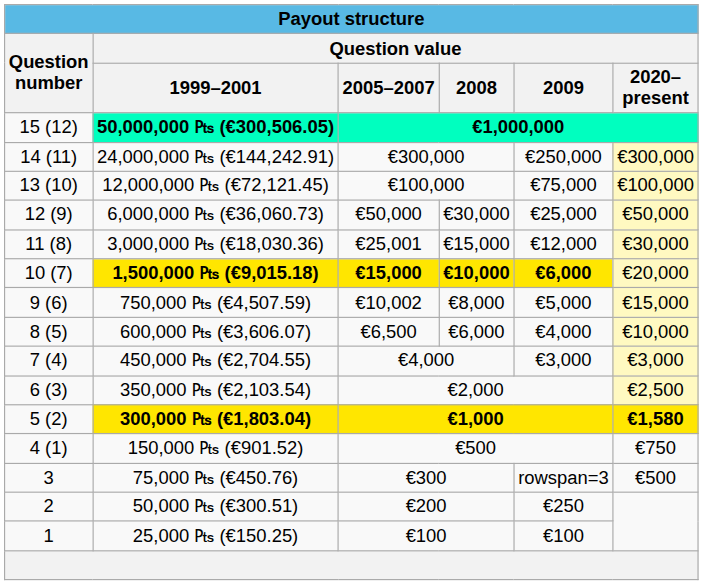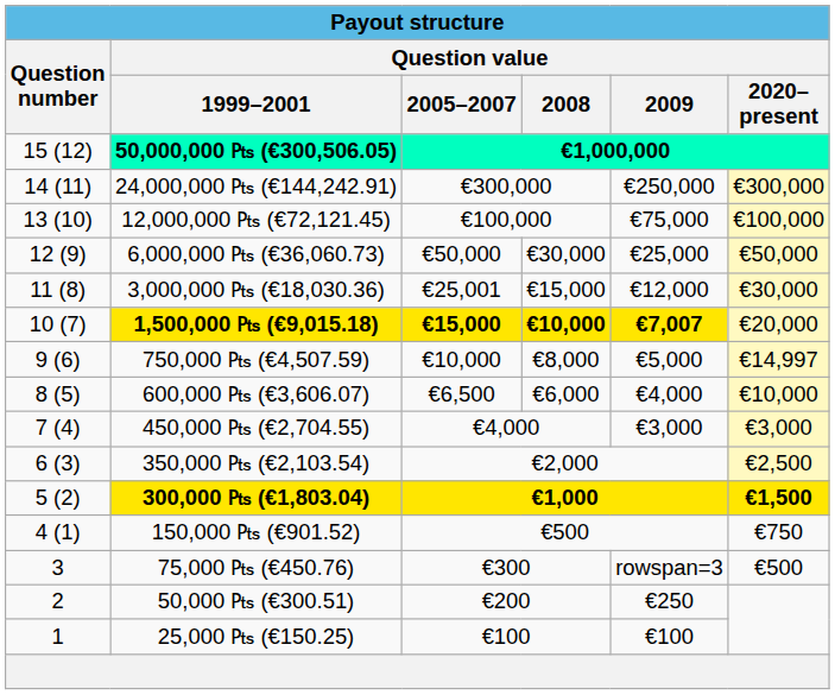 <table class="wikitable" style="text-align:center;">
 <tr>
 <th colspan=6 style="background: #58B9E4">Payout structure</th>
 </tr>
 <tr>
 <th rowspan=2>Question<br>number</th>
 <th colspan=5>Question value</th>
 </tr>
 <tr>
 <th>1999–2001</th>
 <th>2005–2007</th>
 <th>2008</th>
 <th>2009</th>
 <th>2020–<br>present</th>
 </tr>
 <tr>
 <td>15 (12)</td>
 <td style="background: #00FFBF"><strong>50,000,000 ₧ (€300,506.05)</strong></td>
 <td colspan="4" style="background: #00FFBF"><strong>€1,000,000</strong></td>
 </tr>
 <tr>
 <td>14 (11)</td>
 <td>24,000,000 ₧ (€144,242.91)</td>
 <td colspan="2">€300,000</td>
 <td>€250,000</td>
 <td style="background: #FFF9C1">€300,000</td>
 </tr>
 <tr>
 <td>13 (10)</td>
 <td>12,000,000 ₧ (€72,121.45)</td>
 <td colspan="2">€100,000</td>
 <td>€75,000</td>
 <td style="background: #FFF9C1">€100,000</td>
 </tr>
 <tr>
 <td>12 (9)</td>
 <td>6,000,000 ₧ (€36,060.73)</td>
 <td>€50,000</td>
 <td>€30,000</td>
 <td>€25,000</td>
 <td style="background: #FFF9C1">€50,000</td>
 </tr>
 <tr>
 <td>11 (8)</td>
 <td>3,000,000 ₧ (€18,030.36)</td>
 <td>€25,001</td>
 <td>€15,000</td>
 <td>€12,000</td>
 <td style="background: #FFF9C1">€30,000</td>
 </tr>
 <tr>
 <td>10 (7)</td>
 <td style="background: #FFE600"><strong>1,500,000 ₧ (€9,015.18)</strong></td>
 <td style="background: #FFE600"><strong>€15,000</strong></td>
 <td style="background: #FFE600"><strong>€10,000</strong></td>
-<td style="background: #FFE600"><strong>€6,000</strong></td>
+<td style="background: #FFE600"><strong>€7,007</strong></td>
 <td style="background: #FFF9C1">€20,000</td>
 </tr>
 <tr>
 <td>9 (6)</td>
 <td>750,000 ₧ (€4,507.59)</td>
-<td>€10,002</td>
+<td>€10,000</td>
 <td>€8,000</td>
 <td>€5,000</td>
-<td style="background: #FFF9C1">€15,000</td>
+<td style="background: #FFF9C1">€14,997</td>
 </tr>
 <tr>
 <td>8 (5)</td>
 <td>600,000 ₧ (€3,606.07)</td>
 <td>€6,500</td>
 <td>€6,000</td>
 <td>€4,000</td>
 <td style="background: #FFF9C1">€10,000</td>
 </tr>
 <tr>
 <td>7 (4)</td>
 <td>450,000 ₧ (€2,704.55)</td>
 <td colspan="2">€4,000</td>
 <td>€3,000</td>
 <td style="background: #FFF9C1">€3,000</td>
 </tr>
 <tr>
 <td>6 (3)</td>
 <td>350,000 ₧ (€2,103.54)</td>
 <td colspan="3">€2,000</td>
 <td style="background: #FFF9C1">€2,500</td>
 </tr>
 <tr>
 <td>5 (2)</td>
 <td style="background: #FFE600"><strong>300,000 ₧ (€1,803.04)</strong></td>
 <td colspan="3" style="background: #FFE600"><strong>€1,000</strong></td>
-<td style="background: #FFE600"><strong>€1,580</strong></td>
+<td style="background: #FFE600"><strong>€1,500</strong></td>
 </tr>
 <tr>
 <td>4 (1)</td>
 <td>150,000 ₧ (€901.52)</td>
 <td colspan="3">€500</td>
 <td>€750</td>
 </tr>
 <tr>
 <td>3</td>
 <td>75,000 ₧ (€450.76)</td>
 <td colspan="2">€300</td>
 <td>rowspan=3 </td>
 <td>€500</td>
 </tr>
 <tr>
 <td>2</td>
 <td>50,000 ₧ (€300.51)</td>
 <td colspan="2">€200</td>
 <td>€250</td>
 </tr>
 <tr>
 <td>1</td>
 <td>25,000 ₧ (€150.25)</td>
 <td colspan="2">€100</td>
 <td>€100</td>
 </tr>
 <tr>
 <th colspan=6 style="text-align:left"><br></th>
 </tr>
 </table>
